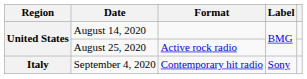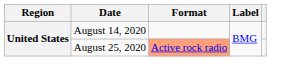 <table class="wikitable plainrowheaders">
 <tr>
 <th scope="col">Region</th>
 <th scope="col">Date</th>
 <th scope="col">Format</th>
 <th scope="col">Label</th>
 <th scope="col"></th>
 </tr>
 <tr>
 <th scope="row" rowspan="2">United States</th>
 <td>August 14, 2020</td>
 <td></td>
 <td rowspan="2"><a href='#'>BMG</a></td>
 <td style="text-align:center;"></td>
 </tr>
 <tr>
 <td>August 25, 2020</td>
-<td><a href='#'>Active rock radio</a></td>
-<td style="text-align:center;"></td>
-</tr>
-<tr>
-<th scope="row">Italy</th>
-<td>September 4, 2020</td>
-<td><a href='#'>Contemporary hit radio</a></td>
-<td><a href='#'>Sony</a></td>
+<td style="background: lightsalmon;"><a href='#'>Active rock radio</a></td>
 <td style="text-align:center;"></td>
 </tr>
 </table>
